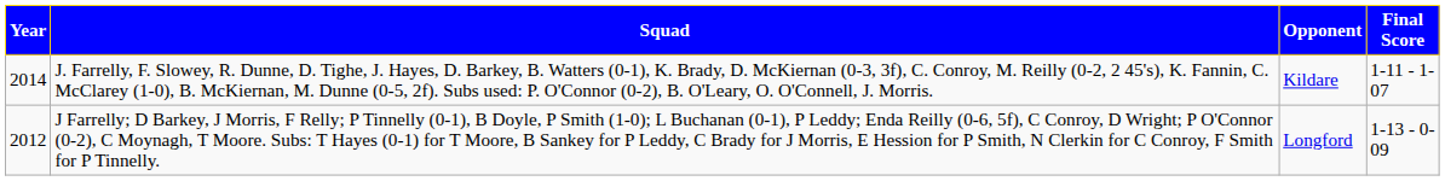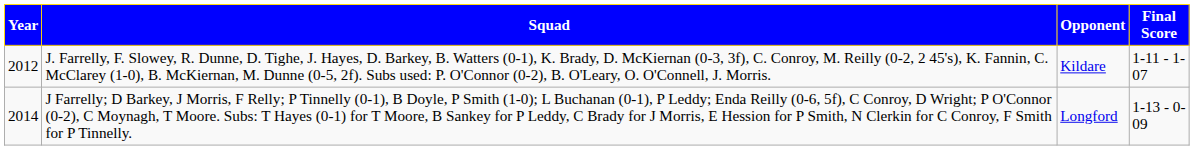 <table class="wikitable">
 <tr>
 <th style="background:blue; color:white; border:1px solid gold">Year</th>
 <th style="background:blue; color:white; border:1px solid gold">Squad</th>
 <th style="background:blue; color:white; border:1px solid gold">Opponent</th>
 <th style="background:blue; color:white; border:1px solid gold">Final Score</th>
 </tr>
 <tr>
-<td>2014</td>
+<td>2012</td>
 <td>J. Farrelly, F. Slowey, R. Dunne, D. Tighe, J. Hayes, D. Barkey, B. Watters (0-1), K. Brady, D. McKiernan (0-3, 3f), C. Conroy, M. Reilly (0-2, 2 45's), K. Fannin, C. McClarey (1-0), B. McKiernan, M. Dunne (0-5, 2f). Subs used: P. O'Connor (0-2), B. O'Leary, O. O'Connell, J. Morris.</td>
 <td><a href='#'>Kildare</a></td>
 <td>1-11 - 1-07</td>
 </tr>
 <tr>
-<td>2012</td>
+<td>2014</td>
 <td>J Farrelly; D Barkey, J Morris, F Relly; P Tinnelly (0-1), B Doyle, P Smith (1-0); L Buchanan (0-1), P Leddy; Enda Reilly (0-6, 5f), C Conroy, D Wright; P O'Connor (0-2), C Moynagh, T Moore. Subs: T Hayes (0-1) for T Moore, B Sankey for P Leddy, C Brady for J Morris, E Hession for P Smith, N Clerkin for C Conroy, F Smith for P Tinnelly.</td>
 <td><a href='#'>Longford</a></td>
 <td>1-13 - 0-09</td>
 </tr>
 </table>
